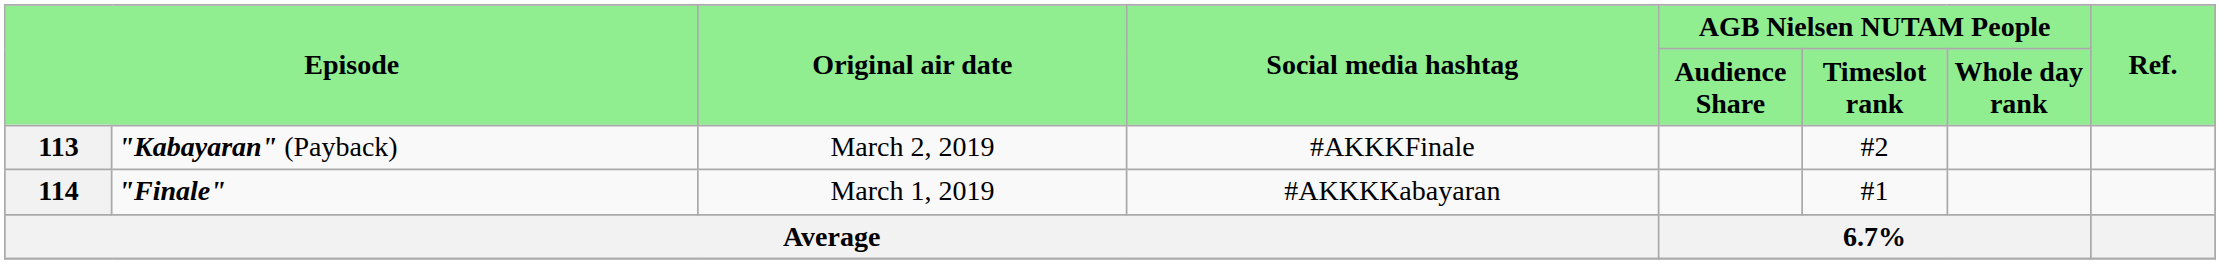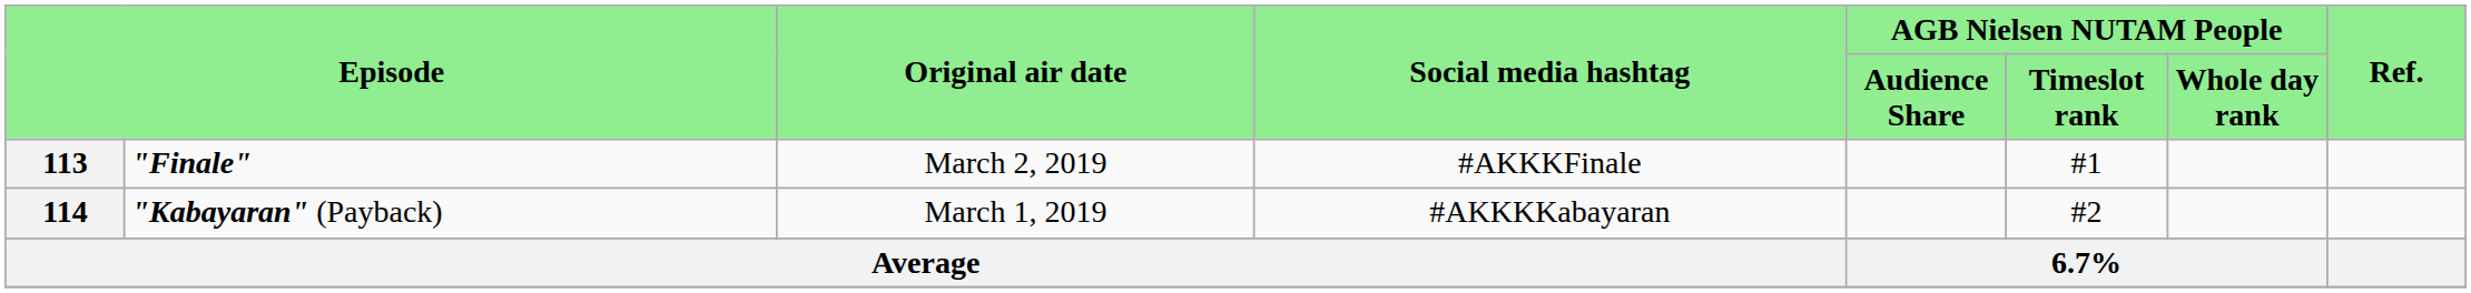 <table class="wikitable" style="text-align:center; font-size:100%; line-height:18px;" width="100%">
 <tr>
 <th style="background-color:#90EE90; color:#000000;" colspan="2" rowspan="2">Episode</th>
 <th style="background-color:#90EE90; color:black" rowspan="2">Original air date</th>
 <th style="background-color:#90EE90; color:black" rowspan="2">Social media hashtag</th>
 <th style="background-color:#90EE90; color:#000000;" colspan="3">AGB Nielsen NUTAM People</th>
 <th style="background-color:#90EE90; color:#000000;" rowspan="2">Ref.</th>
 </tr>
 <tr>
 <th style="background-color:#90EE90; width:75px; color:#000000;">Audience Share</th>
 <th style="background-color:#90EE90; width:75px; color:#000000;">Timeslot<br>rank</th>
 <th style="background-color:#90EE90; width:75px; color:#000000;">Whole day<br>rank</th>
 </tr>
 <tr>
 <th>113</th>
-<td style="text-align: left;"><strong><em>"Kabayaran"</em></strong> (Payback)</td>
+<td style="text-align: left;"><strong><em>"Finale"</em></strong></td>
 <td>March 2, 2019</td>
 <td>#AKKKFinale</td>
 <td></td>
-<td>#2</td>
+<td>#1</td>
 <td></td>
 <td></td>
 </tr>
 <tr>
 <th>114</th>
-<td style="text-align: left;"><strong><em>"Finale"</em></strong></td>
+<td style="text-align: left;"><strong><em>"Kabayaran"</em></strong> (Payback)</td>
 <td>March 1, 2019</td>
 <td>#AKKKKabayaran</td>
 <td></td>
-<td>#1</td>
+<td>#2</td>
 <td></td>
 <td></td>
 </tr>
 <tr>
 <th colspan="4">Average</th>
 <th colspan="3">6.7%</th>
 <th></th>
 </tr>
 <tr>
 </tr>
 </table>
